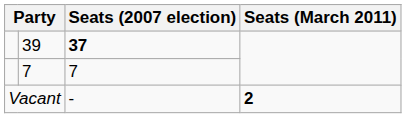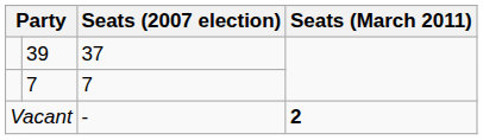 <table class="wikitable">
 <tr>
 <th colspan=2>Party</th>
 <th>Seats (2007 election)</th>
 <th>Seats (March 2011)</th>
 </tr>
 <tr>
 <td></td>
 <td>39</td>
-<td><strong>37</strong></td>
+<td>37</td>
 </tr>
 <tr>
 <td></td>
 <td>7</td>
 <td>7</td>
 </tr>
 <tr>
 <td colspan=2><em>Vacant</em></td>
 <td>-</td>
 <td><strong>2</strong></td>
 </tr>
 </table>
